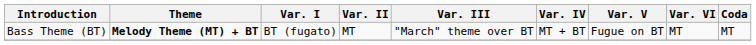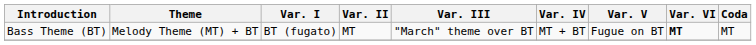 <table class="wikitable">
 <tr>
 <th>Introduction</th>
 <th>Theme</th>
 <th>Var. I</th>
 <th>Var. II</th>
 <th>Var. III</th>
 <th>Var. IV</th>
 <th>Var. V</th>
 <th>Var. VI</th>
 <th>Coda</th>
 </tr>
 <tr>
 <td>Bass Theme (BT)</td>
-<td><strong>Melody Theme (MT) + BT</strong></td>
+<td>Melody Theme (MT) + BT</td>
 <td>BT (fugato)</td>
 <td>MT</td>
 <td>"March" theme over BT</td>
 <td>MT + BT</td>
 <td>Fugue on BT</td>
-<td>MT</td>
+<td><strong>MT</strong></td>
 <td>MT</td>
 </tr>
 <tr>
 </tr>
 </table>
